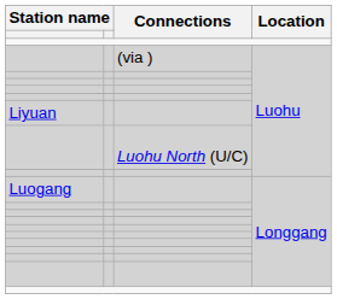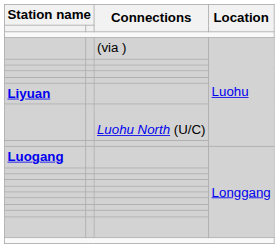 <table class="wikitable">
 <tr>
 <th colspan="2">Station name</th>
 <th rowspan="2">Connections</th>
 <th rowspan="2">Location</th>
 </tr>
 <tr>
 <th></th>
 <th></th>
 </tr>
 <tr style="background:#">
 <td colspan = "7"></td>
 </tr>
 <tr bgcolor="lightgrey">
 <td></td>
 <td></td>
 <td> (via )</td>
 <td rowspan=8><a href='#'>Luohu</a></td>
 </tr>
 <tr bgcolor="lightgrey">
 <td></td>
 <td></td>
 <td></td>
 </tr>
 <tr bgcolor="lightgrey">
 <td></td>
 <td></td>
 <td> </td>
 </tr>
 <tr bgcolor="lightgrey">
 <td></td>
 <td></td>
 <td></td>
 </tr>
 <tr bgcolor="lightgrey">
 <td></td>
 <td></td>
 <td></td>
 </tr>
 <tr bgcolor="lightgrey">
-<td><a href='#'>Liyuan</a></td>
+<td><strong><a href='#'>Liyuan</a></strong></td>
 <td></td>
 <td></td>
 </tr>
 <tr bgcolor="lightgrey">
 <td></td>
 <td></td>
 <td><br><em> <a href='#'>Luohu North</a></em> (U/C)</td>
 </tr>
 <tr bgcolor="lightgrey">
 <td></td>
 <td></td>
 <td></td>
 </tr>
 <tr bgcolor="lightgrey">
-<td><a href='#'>Luogang</a></td>
+<td><strong><a href='#'>Luogang</a></strong></td>
 <td></td>
 <td></td>
 <td rowspan=10><a href='#'>Longgang</a></td>
 </tr>
 <tr bgcolor="lightgrey">
 <td></td>
 <td></td>
 <td></td>
 </tr>
 <tr bgcolor="lightgrey">
 <td></td>
 <td></td>
 <td></td>
 </tr>
 <tr bgcolor="lightgrey">
 <td></td>
 <td></td>
 <td></td>
 </tr>
 <tr bgcolor="lightgrey">
 <td></td>
 <td></td>
 <td></td>
 </tr>
 <tr bgcolor="lightgrey">
 <td></td>
 <td></td>
 <td></td>
 </tr>
 <tr bgcolor="lightgrey">
 <td></td>
 <td></td>
 <td></td>
 </tr>
 <tr bgcolor="lightgrey">
 <td></td>
 <td></td>
 <td></td>
 </tr>
 <tr bgcolor="lightgrey">
 <td></td>
 <td></td>
 <td></td>
 </tr>
 <tr bgcolor="lightgrey">
 <td></td>
 <td></td>
 <td><br></td>
 </tr>
 <tr style="background:#">
 <td colspan = "7"></td>
 </tr>
 </table>
